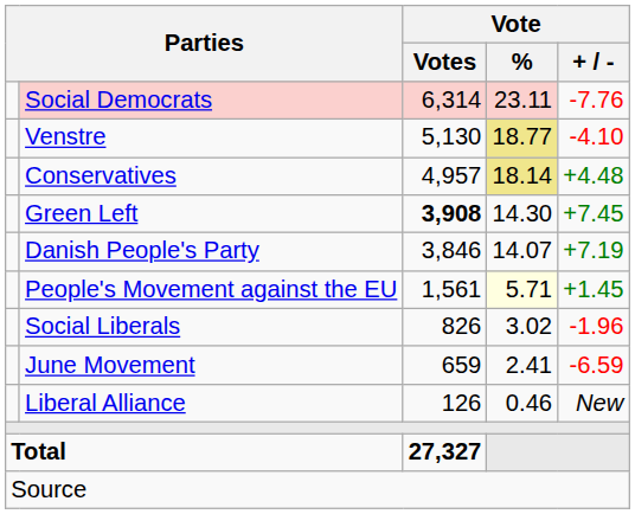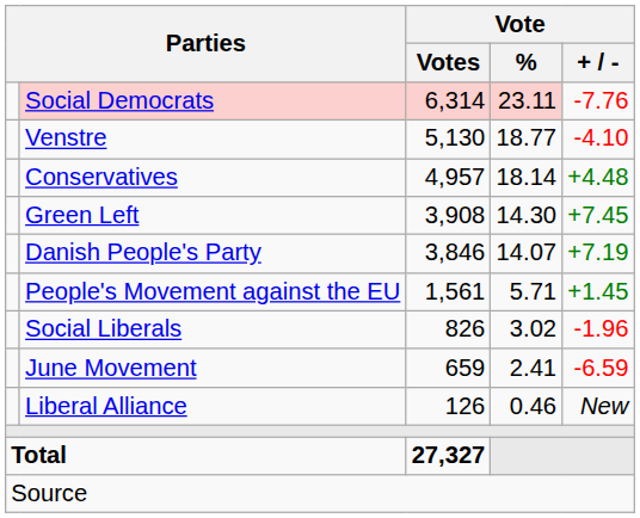 <table class="wikitable" style="text-align:right;">
 <tr>
 <th style="text-align:centre;" rowspan="2" colspan="2" width="225">Parties</th>
 <th colspan="3">Vote</th>
 </tr>
 <tr>
 <th width="15">Votes</th>
 <th width="15">%</th>
 <th width="15">+ / -</th>
 </tr>
 <tr>
 <td width="2" style="color:inherit;background:"></td>
 <td bgcolor=#fbd0ce   align="left"><a href='#'>Social Democrats</a></td>
 <td bgcolor=#fbd0ce>6,314</td>
 <td bgcolor=#fbd0ce>23.11</td>
 <td style=color:red;>-7.76</td>
 </tr>
 <tr>
 <td width="2" style="color:inherit;background:"></td>
 <td align="left"><a href='#'>Venstre</a></td>
 <td>5,130</td>
-<td style="background: khaki;">18.77</td>
+<td>18.77</td>
 <td style=color:red;>-4.10</td>
 </tr>
 <tr>
 <td width="2" style="color:inherit;background:"></td>
 <td align="left"><a href='#'>Conservatives</a></td>
 <td>4,957</td>
-<td style="background: khaki;">18.14</td>
+<td>18.14</td>
 <td style=color:green;>+4.48</td>
 </tr>
 <tr>
 <td width="2" style="color:inherit;background:"></td>
 <td align="left"><a href='#'>Green Left</a></td>
-<td><strong>3,908</strong></td>
+<td>3,908</td>
 <td>14.30</td>
 <td style=color:green;>+7.45</td>
 </tr>
 <tr>
 <td width="2" style="color:inherit;background:"></td>
 <td align="left"><a href='#'>Danish People's Party</a></td>
 <td>3,846</td>
 <td>14.07</td>
 <td style=color:green;>+7.19</td>
 </tr>
 <tr>
 <td width="2" style="color:inherit;background:"></td>
 <td align="left"><a href='#'>People's Movement against the EU</a></td>
 <td>1,561</td>
-<td style="background: lightyellow;">5.71</td>
+<td>5.71</td>
 <td style=color:green;>+1.45</td>
 </tr>
 <tr>
 <td width="2" style="color:inherit;background:"></td>
 <td align="left"><a href='#'>Social Liberals</a></td>
 <td>826</td>
 <td>3.02</td>
 <td style=color:red;>-1.96</td>
 </tr>
 <tr>
 <td width="2" style="color:inherit;background:"></td>
 <td align="left"><a href='#'>June Movement</a></td>
 <td>659</td>
 <td>2.41</td>
 <td style=color:red;>-6.59</td>
 </tr>
 <tr>
 <td width="2" style="color:inherit;background:"></td>
 <td align="left"><a href='#'>Liberal Alliance</a></td>
 <td>126</td>
 <td>0.46</td>
 <td><em>New</em></td>
 </tr>
 <tr>
 <td colspan="7" bgcolor="#E9E9E9"></td>
 </tr>
 <tr>
 <td align="left" colspan="2"><strong>Total</strong></td>
 <td><strong>27,327</strong></td>
 <td bgcolor="#E9E9E9" colspan="2"></td>
 </tr>
 <tr>
 <td align="left" colspan="6">Source</td>
 </tr>
 </table>
